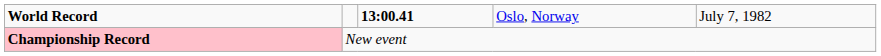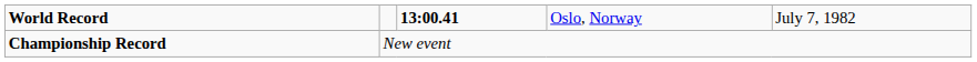 <table class="wikitable" width=75%>
 <tr>
 <td><strong>World Record</strong></td>
 <td></td>
 <td><strong>13:00.41</strong></td>
 <td><a href='#'>Oslo</a>, <a href='#'>Norway</a></td>
 <td>July 7, 1982</td>
 </tr>
 <tr>
-<td style="background: pink;"><strong>Championship Record</strong></td>
+<td><strong>Championship Record</strong></td>
 <td colspan="4"><em>New event</em></td>
 </tr>
 </table>
